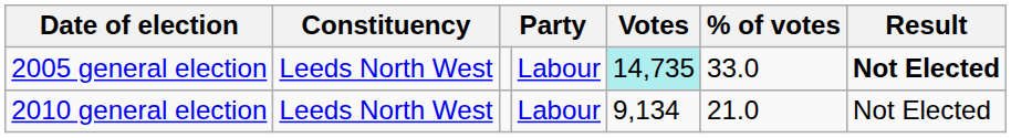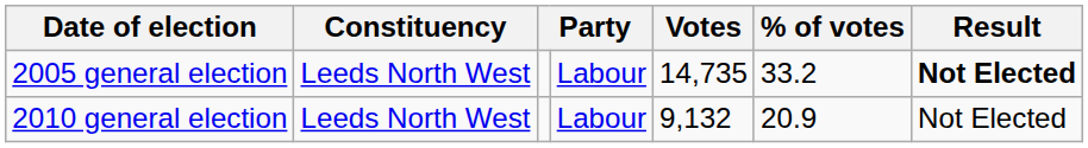 <table class="wikitable">
 <tr>
 <th>Date of election</th>
 <th>Constituency</th>
 <th colspan="2">Party</th>
 <th>Votes</th>
 <th>% of votes</th>
 <th>Result</th>
 </tr>
 <tr>
 <td><a href='#'>2005 general election</a></td>
 <td><a href='#'>Leeds North West</a></td>
 <td style="background-color: "></td>
 <td><a href='#'>Labour</a></td>
-<td style="background: paleturquoise;">14,735</td>
-<td>33.0</td>
+<td>14,735</td>
+<td>33.2</td>
 <td><strong> Not Elected</strong></td>
 </tr>
 <tr>
 <td><a href='#'>2010 general election</a></td>
 <td><a href='#'>Leeds North West</a></td>
 <td style="background-color: "></td>
 <td><a href='#'>Labour</a></td>
-<td>9,134</td>
-<td>21.0</td>
+<td>9,132</td>
+<td>20.9</td>
 <td> Not Elected</td>
 </tr>
 </table>
